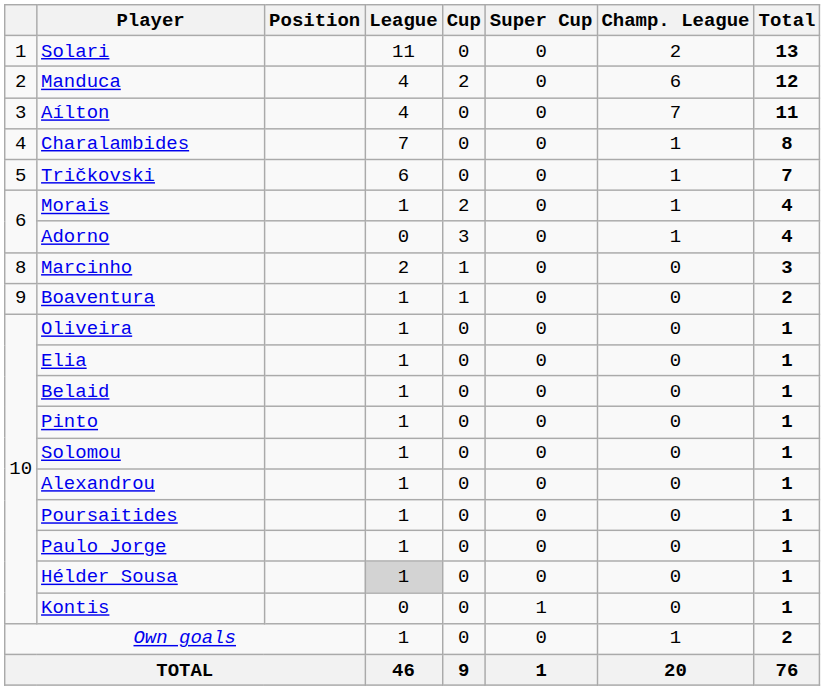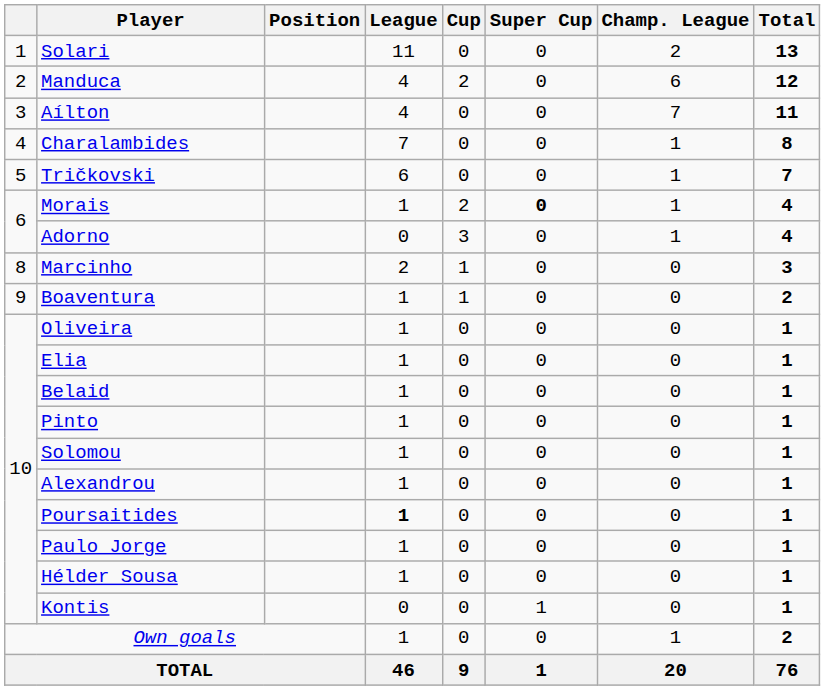 <table class="wikitable">
 <tr>
 <th></th>
 <th width="150">Player</th>
 <th>Position</th>
 <th>League</th>
 <th>Cup</th>
 <th>Super Cup</th>
 <th>Champ. League</th>
 <th>Total</th>
 </tr>
 <tr>
 <td align=center>1</td>
 <td> <a href='#'>Solari</a></td>
 <td align=center></td>
 <td align=center>11</td>
 <td align=center>0</td>
 <td align=center>0</td>
 <td align=center>2</td>
 <td align=center><strong>13</strong></td>
 </tr>
 <tr>
 <td align=center>2</td>
 <td> <a href='#'>Manduca</a></td>
 <td align=center></td>
 <td align=center>4</td>
 <td align=center>2</td>
 <td align=center>0</td>
 <td align=center>6</td>
 <td align=center><strong>12</strong></td>
 </tr>
 <tr>
 <td align=center>3</td>
 <td> <a href='#'>Aílton</a></td>
 <td align=center></td>
 <td align=center>4</td>
 <td align=center>0</td>
 <td align=center>0</td>
 <td align=center>7</td>
 <td align=center><strong>11</strong></td>
 </tr>
 <tr>
 <td align=center>4</td>
 <td> <a href='#'>Charalambides</a></td>
 <td align=center></td>
 <td align=center>7</td>
 <td align=center>0</td>
 <td align=center>0</td>
 <td align=center>1</td>
 <td align=center><strong>8</strong></td>
 </tr>
 <tr>
 <td align=center>5</td>
 <td> <a href='#'>Tričkovski</a></td>
 <td align=center></td>
 <td align=center>6</td>
 <td align=center>0</td>
 <td align=center>0</td>
 <td align=center>1</td>
 <td align=center><strong>7</strong></td>
 </tr>
 <tr>
 <td rowspan="2" align=center>6</td>
 <td> <a href='#'>Morais</a></td>
 <td align=center></td>
 <td align=center>1</td>
 <td align=center>2</td>
-<td align=center>0</td>
+<td align=center><strong>0</strong></td>
 <td align=center>1</td>
 <td align=center><strong>4</strong></td>
 </tr>
 <tr>
 <td> <a href='#'>Adorno</a></td>
 <td align=center></td>
 <td align=center>0</td>
 <td align=center>3</td>
 <td align=center>0</td>
 <td align=center>1</td>
 <td align=center><strong>4</strong></td>
 </tr>
 <tr>
 <td align=center>8</td>
 <td> <a href='#'>Marcinho</a></td>
 <td align=center></td>
 <td align=center>2</td>
 <td align=center>1</td>
 <td align=center>0</td>
 <td align=center>0</td>
 <td align=center><strong>3</strong></td>
 </tr>
 <tr>
 <td align=center>9</td>
 <td> <a href='#'>Boaventura</a></td>
 <td align=center></td>
 <td align=center>1</td>
 <td align=center>1</td>
 <td align=center>0</td>
 <td align=center>0</td>
 <td align=center><strong>2</strong></td>
 </tr>
 <tr>
 <td rowspan="10" align=center>10</td>
 <td> <a href='#'>Oliveira</a></td>
 <td align=center></td>
 <td align=center>1</td>
 <td align=center>0</td>
 <td align=center>0</td>
 <td align=center>0</td>
 <td align=center><strong>1</strong></td>
 </tr>
 <tr>
 <td> <a href='#'>Elia</a></td>
 <td align=center></td>
 <td align=center>1</td>
 <td align=center>0</td>
 <td align=center>0</td>
 <td align=center>0</td>
 <td align=center><strong>1</strong></td>
 </tr>
 <tr>
 <td> <a href='#'>Belaid</a></td>
 <td align=center></td>
 <td align=center>1</td>
 <td align=center>0</td>
 <td align=center>0</td>
 <td align=center>0</td>
 <td align=center><strong>1</strong></td>
 </tr>
 <tr>
 <td> <a href='#'>Pinto</a></td>
 <td align=center></td>
 <td align=center>1</td>
 <td align=center>0</td>
 <td align=center>0</td>
 <td align=center>0</td>
 <td align=center><strong>1</strong></td>
 </tr>
 <tr>
 <td> <a href='#'>Solomou</a></td>
 <td align=center></td>
 <td align=center>1</td>
 <td align=center>0</td>
 <td align=center>0</td>
 <td align=center>0</td>
 <td align=center><strong>1</strong></td>
 </tr>
 <tr>
 <td> <a href='#'>Alexandrou</a></td>
 <td align=center></td>
 <td align=center>1</td>
 <td align=center>0</td>
 <td align=center>0</td>
 <td align=center>0</td>
 <td align=center><strong>1</strong></td>
 </tr>
 <tr>
 <td> <a href='#'>Poursaitides</a></td>
 <td align=center></td>
-<td align=center>1</td>
+<td align=center><strong>1</strong></td>
 <td align=center>0</td>
 <td align=center>0</td>
 <td align=center>0</td>
 <td align=center><strong>1</strong></td>
 </tr>
 <tr>
 <td> <a href='#'>Paulo Jorge</a></td>
 <td align=center></td>
 <td align=center>1</td>
 <td align=center>0</td>
 <td align=center>0</td>
 <td align=center>0</td>
 <td align=center><strong>1</strong></td>
 </tr>
 <tr>
 <td> <a href='#'>Hélder Sousa</a></td>
 <td align=center></td>
-<td align=center style="background: lightgrey;">1</td>
+<td align=center>1</td>
 <td align=center>0</td>
 <td align=center>0</td>
 <td align=center>0</td>
 <td align=center><strong>1</strong></td>
 </tr>
 <tr>
 <td> <a href='#'>Kontis</a></td>
 <td align=center></td>
 <td align=center>0</td>
 <td align=center>0</td>
 <td align=center>1</td>
 <td align=center>0</td>
 <td align=center><strong>1</strong></td>
 </tr>
 <tr>
 <td colspan="3" align=center><em><a href='#'>Own goals</a></em></td>
 <td align=center>1</td>
 <td align=center>0</td>
 <td align=center>0</td>
 <td align=center>1</td>
 <td align=center><strong>2</strong></td>
 </tr>
 <tr>
 <th colspan="3" align=center>TOTAL</th>
 <th align=center>46</th>
 <th align=center>9</th>
 <th align=center>1</th>
 <th align=center>20</th>
 <th align=center>76</th>
 </tr>
 </table>
